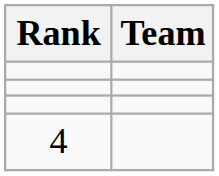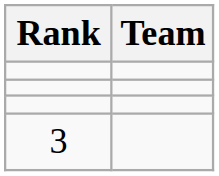 <table class="wikitable" style="text-align:center;">
 <tr>
 <th width=40>Rank</th>
 <th>Team</th>
 </tr>
 <tr>
 <td></td>
 <td style="text-align:left;"></td>
 </tr>
 <tr>
 <td></td>
 <td style="text-align:left;"></td>
 </tr>
 <tr>
 <td></td>
 <td style="text-align:left;"></td>
 </tr>
 <tr>
-<td>4</td>
+<td>3</td>
 <td style="text-align:left;"></td>
 </tr>
 </table>
